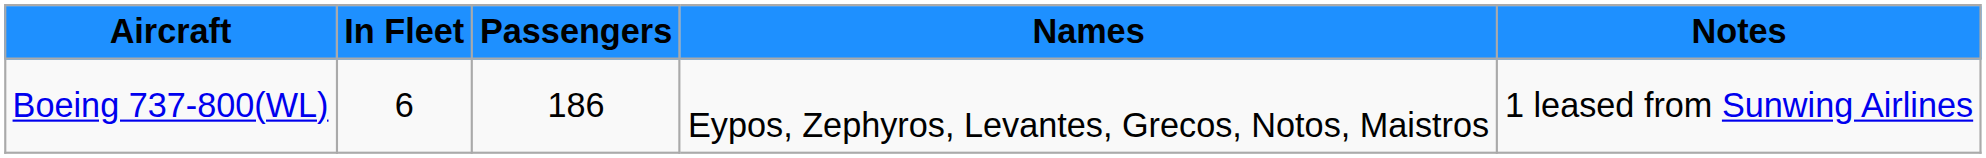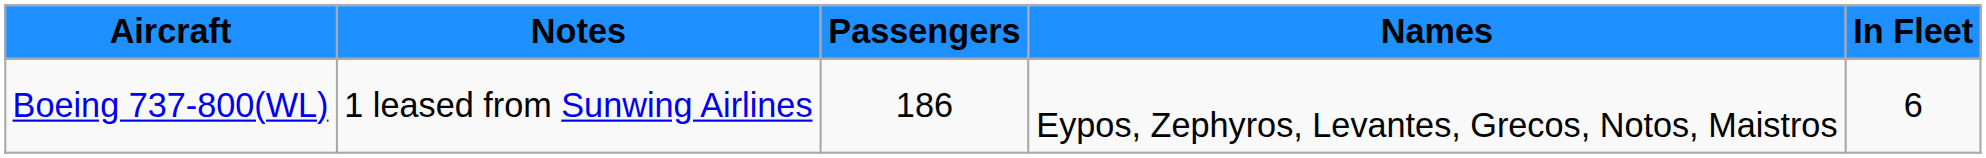 <table class="wikitable" style="margin:1em auto;">
 <tr>
 <th style="background:dodgerblue;">Aircraft</th>
-<th style="background:dodgerblue;">In Fleet</th>
+<th style="background:dodgerblue;">Notes</th>
 <th style="background:dodgerblue;">Passengers</th>
 <th style="background:dodgerblue;">Names</th>
-<th style="background:dodgerblue;">Notes</th>
+<th style="background:dodgerblue;">In Fleet</th>
 </tr>
 <tr>
 <td><a href='#'>Boeing 737-800(WL)</a></td>
-<td align=center>6</td>
+<td>1 leased from <a href='#'>Sunwing Airlines</a></td>
 <td align=center>186</td>
 <td><br>Eypos, Zephyros, Levantes, Grecos, Notos, Maistros</td>
-<td>1 leased from <a href='#'>Sunwing Airlines</a></td>
+<td align=center>6</td>
 </tr>
 </table>
